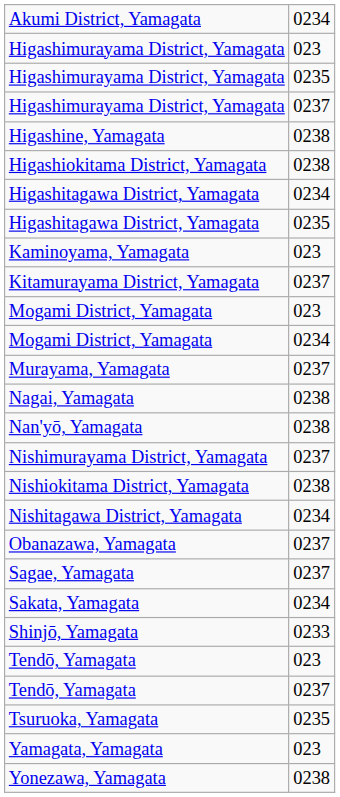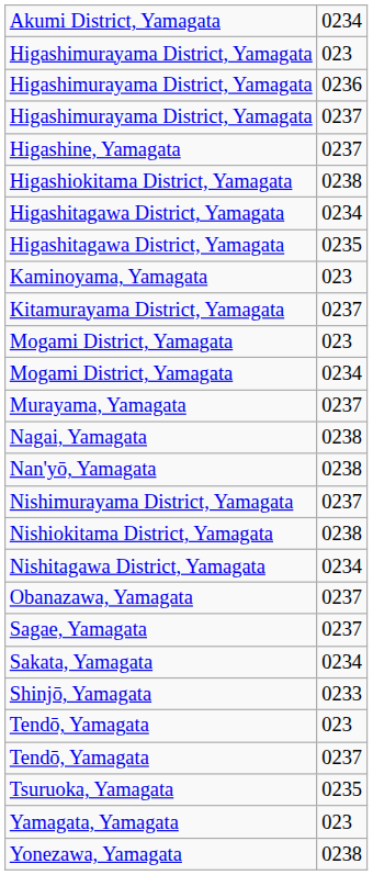 <table class="wikitable">
 <tr>
 <td><a href='#'>Akumi District, Yamagata</a></td>
 <td>0234</td>
 </tr>
 <tr>
 <td><a href='#'>Higashimurayama District, Yamagata</a></td>
 <td>023</td>
 </tr>
 <tr>
 <td><a href='#'>Higashimurayama District, Yamagata</a></td>
-<td>0235</td>
+<td>0236</td>
 </tr>
 <tr>
 <td><a href='#'>Higashimurayama District, Yamagata</a></td>
 <td>0237</td>
 </tr>
 <tr>
 <td><a href='#'>Higashine, Yamagata</a></td>
-<td>0238</td>
+<td>0237</td>
 </tr>
 <tr>
 <td><a href='#'>Higashiokitama District, Yamagata</a></td>
 <td>0238</td>
 </tr>
 <tr>
 <td><a href='#'>Higashitagawa District, Yamagata</a></td>
 <td>0234</td>
 </tr>
 <tr>
 <td><a href='#'>Higashitagawa District, Yamagata</a></td>
 <td>0235</td>
 </tr>
 <tr>
 <td><a href='#'>Kaminoyama, Yamagata</a></td>
 <td>023</td>
 </tr>
 <tr>
 <td><a href='#'>Kitamurayama District, Yamagata</a></td>
 <td>0237</td>
 </tr>
 <tr>
 <td><a href='#'>Mogami District, Yamagata</a></td>
 <td>023</td>
 </tr>
 <tr>
 <td><a href='#'>Mogami District, Yamagata</a></td>
 <td>0234</td>
 </tr>
 <tr>
 <td><a href='#'>Murayama, Yamagata</a></td>
 <td>0237</td>
 </tr>
 <tr>
 <td><a href='#'>Nagai, Yamagata</a></td>
 <td>0238</td>
 </tr>
 <tr>
 <td><a href='#'>Nan'yō, Yamagata</a></td>
 <td>0238</td>
 </tr>
 <tr>
 <td><a href='#'>Nishimurayama District, Yamagata</a></td>
 <td>0237</td>
 </tr>
 <tr>
 <td><a href='#'>Nishiokitama District, Yamagata</a></td>
 <td>0238</td>
 </tr>
 <tr>
 <td><a href='#'>Nishitagawa District, Yamagata</a></td>
 <td>0234</td>
 </tr>
 <tr>
 <td><a href='#'>Obanazawa, Yamagata</a></td>
 <td>0237</td>
 </tr>
 <tr>
 <td><a href='#'>Sagae, Yamagata</a></td>
 <td>0237</td>
 </tr>
 <tr>
 <td><a href='#'>Sakata, Yamagata</a></td>
 <td>0234</td>
 </tr>
 <tr>
 <td><a href='#'>Shinjō, Yamagata</a></td>
 <td>0233</td>
 </tr>
 <tr>
 <td><a href='#'>Tendō, Yamagata</a></td>
 <td>023</td>
 </tr>
 <tr>
 <td><a href='#'>Tendō, Yamagata</a></td>
 <td>0237</td>
 </tr>
 <tr>
 <td><a href='#'>Tsuruoka, Yamagata</a></td>
 <td>0235</td>
 </tr>
 <tr>
 <td><a href='#'>Yamagata, Yamagata</a></td>
 <td>023</td>
 </tr>
 <tr>
 <td><a href='#'>Yonezawa, Yamagata</a></td>
 <td>0238</td>
 </tr>
 </table>
